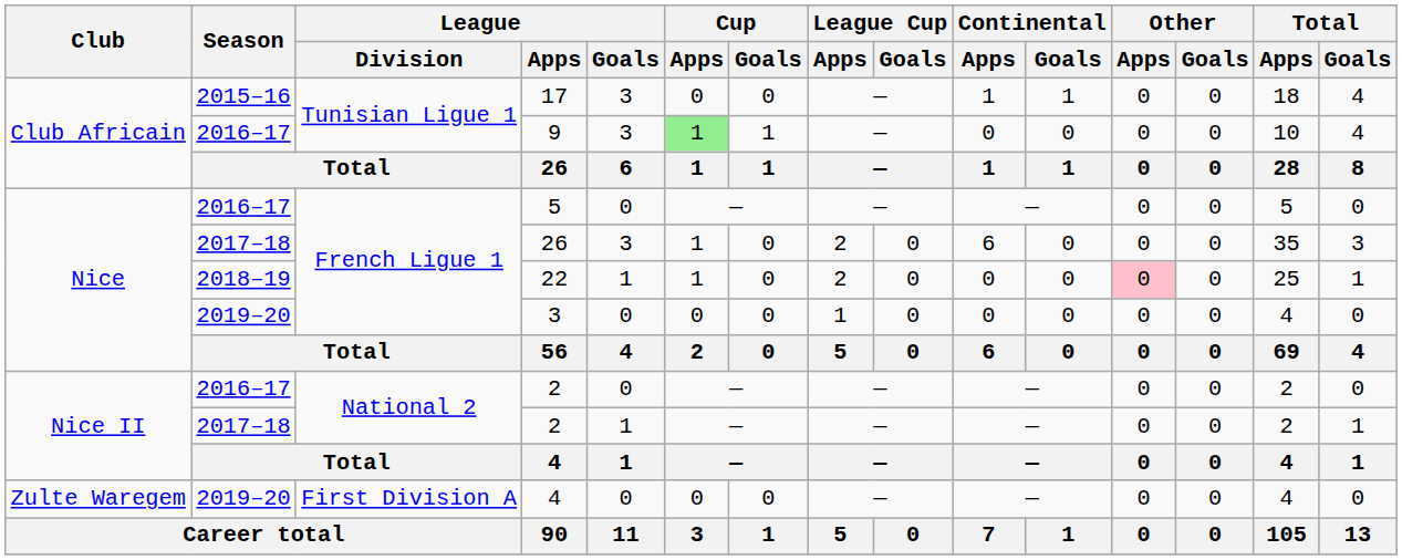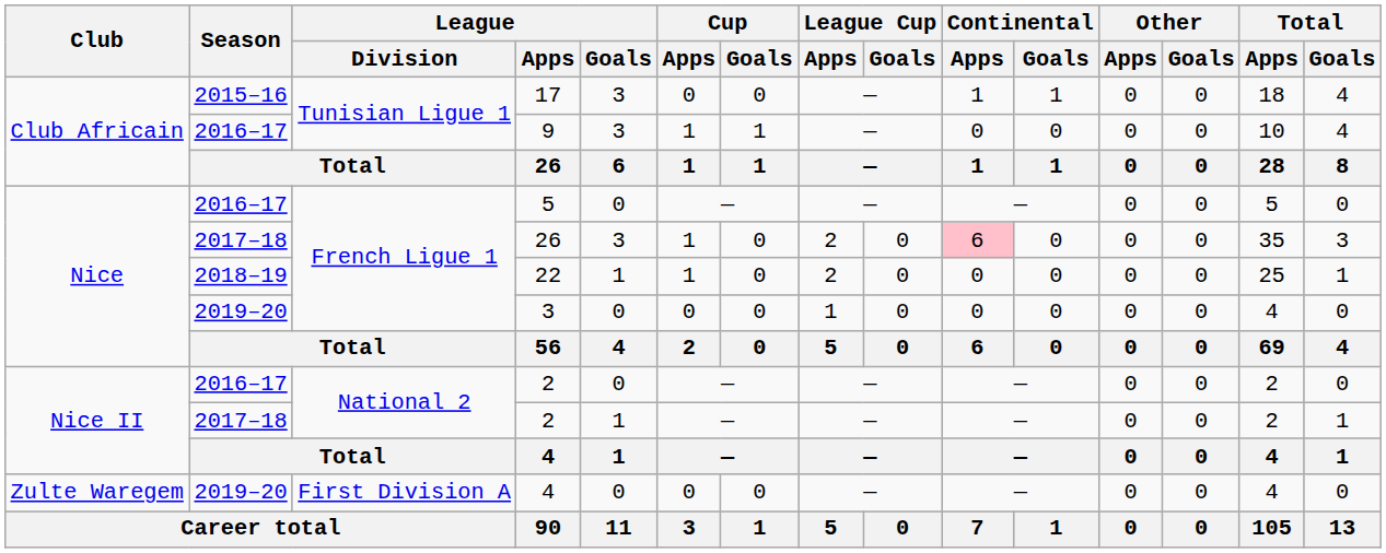 <table class="wikitable" style="text-align:center">
 <tr>
 <th rowspan="2">Club</th>
 <th rowspan="2">Season</th>
 <th colspan="3">League</th>
 <th colspan="2">Cup</th>
 <th colspan="2">League Cup</th>
 <th colspan="2">Continental</th>
 <th colspan="2">Other</th>
 <th colspan="2">Total</th>
 </tr>
 <tr>
 <th>Division</th>
 <th>Apps</th>
 <th>Goals</th>
 <th>Apps</th>
 <th>Goals</th>
 <th>Apps</th>
 <th>Goals</th>
 <th>Apps</th>
 <th>Goals</th>
 <th>Apps</th>
 <th>Goals</th>
 <th>Apps</th>
 <th>Goals</th>
 </tr>
 <tr>
 <td rowspan="3"><a href='#'>Club Africain</a></td>
 <td><a href='#'>2015–16</a></td>
 <td rowspan="2"><a href='#'>Tunisian Ligue 1</a></td>
 <td>17</td>
 <td>3</td>
 <td>0</td>
 <td>0</td>
 <td colspan="2">—</td>
 <td>1</td>
 <td>1</td>
 <td>0</td>
 <td>0</td>
 <td>18</td>
 <td>4</td>
 </tr>
 <tr>
 <td><a href='#'>2016–17</a></td>
 <td>9</td>
 <td>3</td>
-<td style="background: lightgreen;">1</td>
+<td>1</td>
 <td>1</td>
 <td colspan="2">—</td>
 <td>0</td>
 <td>0</td>
 <td>0</td>
 <td>0</td>
 <td>10</td>
 <td>4</td>
 </tr>
 <tr>
 <th colspan="2">Total</th>
 <th>26</th>
 <th>6</th>
 <th>1</th>
 <th>1</th>
 <th colspan="2">—</th>
 <th>1</th>
 <th>1</th>
 <th>0</th>
 <th>0</th>
 <th>28</th>
 <th>8</th>
 </tr>
 <tr>
 <td rowspan="5"><a href='#'>Nice</a></td>
 <td><a href='#'>2016–17</a></td>
 <td rowspan="4"><a href='#'>French Ligue 1</a></td>
 <td>5</td>
 <td>0</td>
 <td colspan="2">—</td>
 <td colspan="2">—</td>
 <td colspan="2">—</td>
 <td>0</td>
 <td>0</td>
 <td>5</td>
 <td>0</td>
 </tr>
 <tr>
 <td><a href='#'>2017–18</a></td>
 <td>26</td>
 <td>3</td>
 <td>1</td>
 <td>0</td>
 <td>2</td>
 <td>0</td>
-<td>6</td>
+<td style="background: pink;">6</td>
 <td>0</td>
 <td>0</td>
 <td>0</td>
 <td>35</td>
 <td>3</td>
 </tr>
 <tr>
 <td><a href='#'>2018–19</a></td>
 <td>22</td>
 <td>1</td>
 <td>1</td>
 <td>0</td>
 <td>2</td>
 <td>0</td>
 <td>0</td>
 <td>0</td>
-<td style="background: pink;">0</td>
+<td>0</td>
 <td>0</td>
 <td>25</td>
 <td>1</td>
 </tr>
 <tr>
 <td><a href='#'>2019–20</a></td>
 <td>3</td>
 <td>0</td>
 <td>0</td>
 <td>0</td>
 <td>1</td>
 <td>0</td>
 <td>0</td>
 <td>0</td>
 <td>0</td>
 <td>0</td>
 <td>4</td>
 <td>0</td>
 </tr>
 <tr>
 <th colspan="2">Total</th>
 <th>56</th>
 <th>4</th>
 <th>2</th>
 <th>0</th>
 <th>5</th>
 <th>0</th>
 <th>6</th>
 <th>0</th>
 <th>0</th>
 <th>0</th>
 <th>69</th>
 <th>4</th>
 </tr>
 <tr>
 <td rowspan="3"><a href='#'>Nice II</a></td>
 <td><a href='#'>2016–17</a></td>
 <td rowspan="2"><a href='#'>National 2</a></td>
 <td>2</td>
 <td>0</td>
 <td colspan="2">—</td>
 <td colspan="2">—</td>
 <td colspan="2">—</td>
 <td>0</td>
 <td>0</td>
 <td>2</td>
 <td>0</td>
 </tr>
 <tr>
 <td><a href='#'>2017–18</a></td>
 <td>2</td>
 <td>1</td>
 <td colspan="2">—</td>
 <td colspan="2">—</td>
 <td colspan="2">—</td>
 <td>0</td>
 <td>0</td>
 <td>2</td>
 <td>1</td>
 </tr>
 <tr>
 <th colspan="2">Total</th>
 <th>4</th>
 <th>1</th>
 <th colspan="2">—</th>
 <th colspan="2">—</th>
 <th colspan="2">—</th>
 <th>0</th>
 <th>0</th>
 <th>4</th>
 <th>1</th>
 </tr>
 <tr>
 <td rowspan="1"><a href='#'>Zulte Waregem</a></td>
 <td><a href='#'>2019–20</a></td>
 <td rowspan="1"><a href='#'>First Division A</a></td>
 <td>4</td>
 <td>0</td>
 <td>0</td>
 <td>0</td>
 <td colspan="2">—</td>
 <td colspan="2">—</td>
 <td>0</td>
 <td>0</td>
 <td>4</td>
 <td>0</td>
 </tr>
 <tr>
 <th colspan="3">Career total</th>
 <th>90</th>
 <th>11</th>
 <th>3</th>
 <th>1</th>
 <th>5</th>
 <th>0</th>
 <th>7</th>
 <th>1</th>
 <th>0</th>
 <th>0</th>
 <th>105</th>
 <th>13</th>
 </tr>
 </table>
